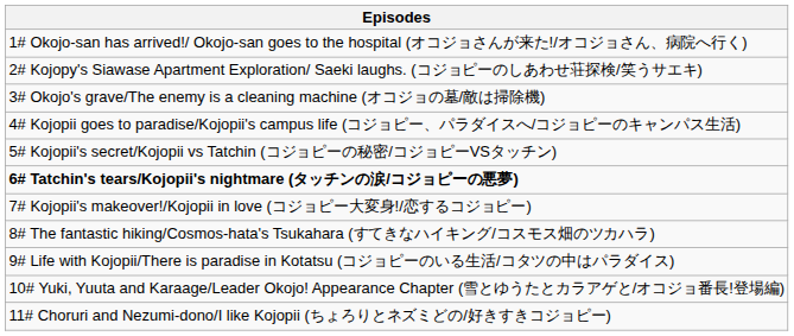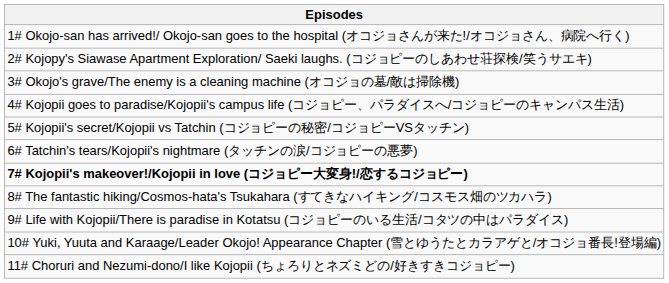 <table class="wikitable">
 <tr>
 <th>Episodes</th>
 </tr>
 <tr>
 <td>1# Okojo-san has arrived!/ Okojo-san goes to the hospital (オコジョさんが来た!/オコジョさん、病院へ行く)</td>
 </tr>
 <tr>
 <td>2# Kojopy's Siawase Apartment Exploration/ Saeki laughs. (コジョピーのしあわせ荘探検/笑うサエキ)</td>
 </tr>
 <tr>
 <td>3# Okojo's grave/The enemy is a cleaning machine (オコジョの墓/敵は掃除機)</td>
 </tr>
 <tr>
 <td>4# Kojopii goes to paradise/Kojopii's campus life (コジョピー、パラダイスへ/コジョピーのキャンパス生活)</td>
 </tr>
 <tr>
 <td>5# Kojopii's secret/Kojopii vs Tatchin (コジョピーの秘密/コジョピーVSタッチン)</td>
 </tr>
 <tr>
-<td><strong>6# Tatchin's tears/Kojopii's nightmare (タッチンの涙/コジョピーの悪夢)</strong></td>
+<td>6# Tatchin's tears/Kojopii's nightmare (タッチンの涙/コジョピーの悪夢)</td>
 </tr>
 <tr>
-<td>7# Kojopii's makeover!/Kojopii in love (コジョピー大変身!/恋するコジョピー)</td>
+<td><strong>7# Kojopii's makeover!/Kojopii in love (コジョピー大変身!/恋するコジョピー)</strong></td>
 </tr>
 <tr>
 <td>8# The fantastic hiking/Cosmos-hata's Tsukahara (すてきなハイキング/コスモス畑のツカハラ)</td>
 </tr>
 <tr>
 <td>9# Life with Kojopii/There is paradise in Kotatsu (コジョピーのいる生活/コタツの中はパラダイス)</td>
 </tr>
 <tr>
 <td>10# Yuki, Yuuta and Karaage/Leader Okojo! Appearance Chapter (雪とゆうたとカラアゲと/オコジョ番長!登場編)</td>
 </tr>
 <tr>
 <td>11# Choruri and Nezumi-dono/I like Kojopii (ちょろりとネズミどの/好きすきコジョピー)</td>
 </tr>
 </table>
